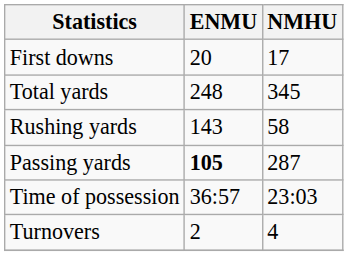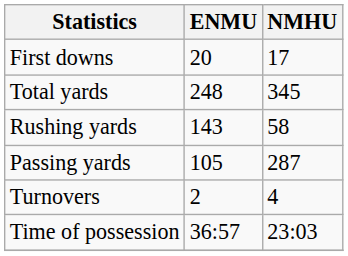 <table class="wikitable">
 <tr>
 <th>Statistics</th>
 <th>ENMU</th>
 <th>NMHU</th>
 </tr>
 <tr>
 <td>First downs</td>
 <td>20</td>
 <td>17</td>
 </tr>
 <tr>
 <td>Total yards</td>
 <td>248</td>
 <td>345</td>
 </tr>
 <tr>
 <td>Rushing yards</td>
 <td>143</td>
 <td>58</td>
 </tr>
 <tr>
 <td>Passing yards</td>
-<td><strong>105</strong></td>
+<td>105</td>
 <td>287</td>
+</tr>
+<tr>
+<td>Turnovers</td>
+<td>2</td>
+<td>4</td>
 </tr>
 <tr>
 <td>Time of possession</td>
 <td>36:57</td>
 <td>23:03</td>
 </tr>
 <tr>
-<td>Turnovers</td>
-<td>2</td>
-<td>4</td>
-</tr>
-<tr>
 </tr>
 </table>
